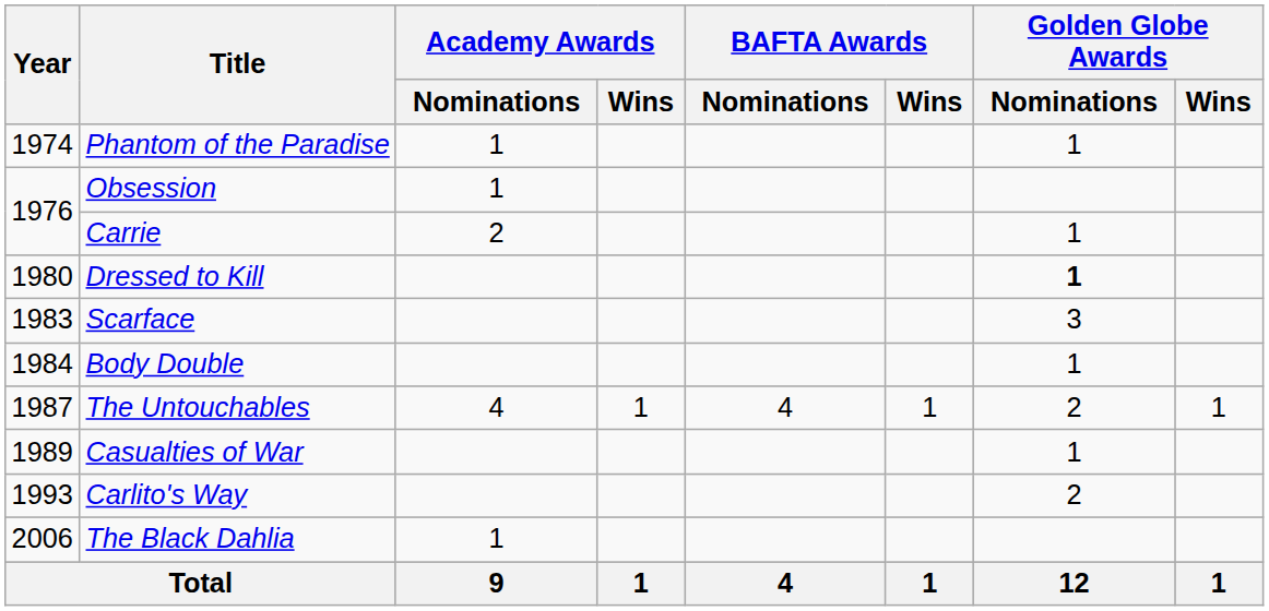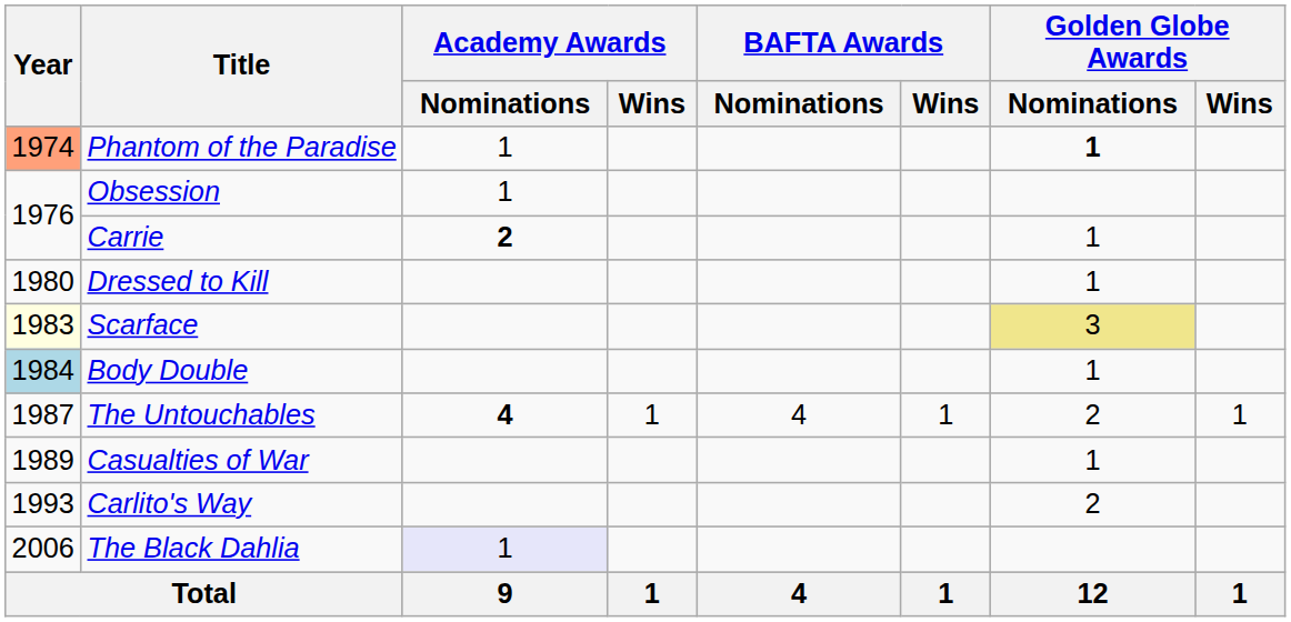 <table class="wikitable">
 <tr>
 <th rowspan="2">Year</th>
 <th rowspan="2">Title</th>
 <th colspan="2" style="text-align:center;" width=160><a href='#'>Academy Awards</a></th>
 <th colspan="2" style="text-align:center;" width=160><a href='#'>BAFTA Awards</a></th>
 <th colspan="2" style="text-align:center;" width=160><a href='#'>Golden Globe Awards</a></th>
 </tr>
 <tr>
 <th>Nominations</th>
 <th>Wins</th>
 <th>Nominations</th>
 <th>Wins</th>
 <th>Nominations</th>
 <th>Wins</th>
 </tr>
 <tr>
-<td>1974</td>
+<td style="background: lightsalmon;">1974</td>
 <td><em><a href='#'>Phantom of the Paradise</a></em></td>
 <td align=center>1</td>
 <td></td>
 <td></td>
 <td></td>
-<td align=center>1</td>
+<td align=center><strong>1</strong></td>
 <td></td>
 </tr>
 <tr>
 <td rowspan=2>1976</td>
 <td><em><a href='#'>Obsession</a></em></td>
 <td align=center>1</td>
 <td></td>
 <td></td>
 <td></td>
 <td></td>
 <td></td>
 </tr>
 <tr>
 <td><em><a href='#'>Carrie</a></em></td>
-<td align=center>2</td>
+<td align=center><strong>2</strong></td>
 <td></td>
 <td></td>
 <td></td>
 <td align=center>1</td>
 <td></td>
 </tr>
 <tr>
 <td>1980</td>
 <td><em><a href='#'>Dressed to Kill</a></em></td>
 <td></td>
 <td></td>
 <td></td>
 <td></td>
-<td align=center><strong>1</strong></td>
+<td align=center>1</td>
 <td></td>
 </tr>
 <tr>
-<td>1983</td>
+<td style="background: lightyellow;">1983</td>
 <td><em><a href='#'>Scarface</a></em></td>
 <td></td>
 <td></td>
 <td></td>
 <td></td>
-<td align=center>3</td>
+<td align=center style="background: khaki;">3</td>
 <td></td>
 </tr>
 <tr>
-<td>1984</td>
+<td style="background: lightblue;">1984</td>
 <td><em><a href='#'>Body Double</a></em></td>
 <td></td>
 <td></td>
 <td></td>
 <td></td>
 <td align=center>1</td>
 <td></td>
 </tr>
 <tr>
 <td>1987</td>
 <td><em><a href='#'>The Untouchables</a></em></td>
-<td align=center>4</td>
+<td align=center><strong>4</strong></td>
 <td align=center>1</td>
 <td align=center>4</td>
 <td align=center>1</td>
 <td align=center>2</td>
 <td align=center>1</td>
 </tr>
 <tr>
 <td>1989</td>
 <td><em><a href='#'>Casualties of War</a></em></td>
 <td></td>
 <td></td>
 <td></td>
 <td></td>
 <td align=center>1</td>
 <td></td>
 </tr>
 <tr>
 <td>1993</td>
 <td><em><a href='#'>Carlito's Way</a></em></td>
 <td></td>
 <td></td>
 <td></td>
 <td></td>
 <td align=center>2</td>
 <td></td>
 </tr>
 <tr>
 <td>2006</td>
 <td><em><a href='#'>The Black Dahlia</a></em></td>
-<td align=center>1</td>
+<td align=center style="background: lavender;">1</td>
 <td></td>
 <td></td>
 <td></td>
 <td></td>
 <td></td>
 </tr>
 <tr>
 <th colspan="2">Total</th>
 <th align=center>9</th>
 <th align=center>1</th>
 <th align=center>4</th>
 <th align=center>1</th>
 <th align=center>12</th>
 <th align=center>1</th>
 </tr>
 </table>
